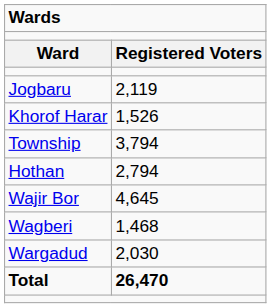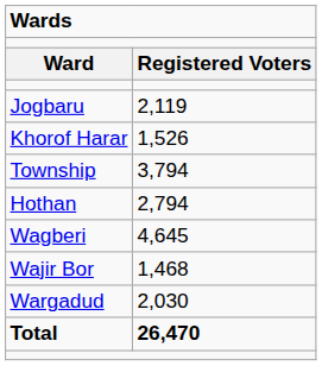 <table class="wikitable">
 <tr>
 <td colspan="2"><strong>Wards</strong></td>
 </tr>
 <tr>
 <td colspan="2"></td>
 </tr>
 <tr>
 <th>Ward</th>
 <th>Registered Voters</th>
 </tr>
 <tr>
 <td></td>
 </tr>
 <tr>
 <td><a href='#'>Jogbaru</a></td>
 <td>2,119</td>
 </tr>
 <tr>
 <td><a href='#'>Khorof Harar</a></td>
 <td>1,526</td>
 </tr>
 <tr>
 <td><a href='#'>Township</a></td>
 <td>3,794</td>
 </tr>
 <tr>
 <td><a href='#'>Hothan</a></td>
 <td>2,794</td>
 </tr>
 <tr>
-<td><a href='#'>Wajir Bor</a></td>
+<td><a href='#'>Wagberi</a></td>
 <td>4,645</td>
 </tr>
 <tr>
-<td><a href='#'>Wagberi</a></td>
+<td><a href='#'>Wajir Bor</a></td>
 <td>1,468</td>
 </tr>
 <tr>
 <td><a href='#'>Wargadud</a></td>
 <td>2,030</td>
 </tr>
 <tr>
 <td><strong>Total</strong></td>
 <td><strong>26,470</strong></td>
 </tr>
 <tr>
 <td colspan="2"></td>
 </tr>
 </table>
